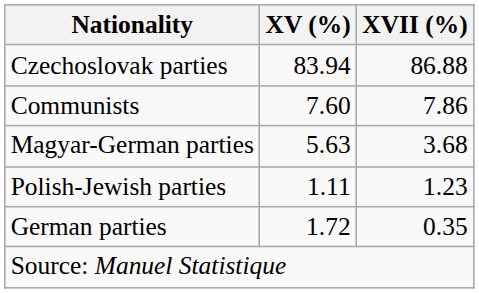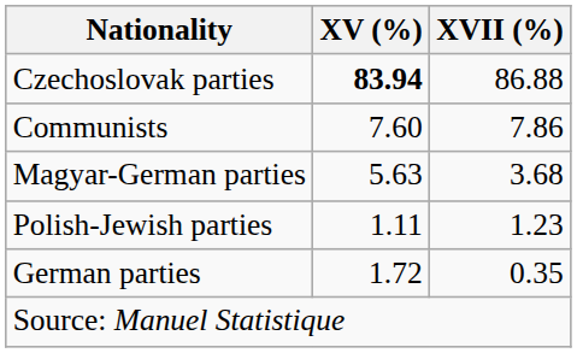 <table class=wikitable style=text-align:right>
 <tr>
 <th>Nationality</th>
 <th>XV (%)</th>
 <th>XVII (%)</th>
 </tr>
 <tr>
 <td align=left>Czechoslovak parties</td>
-<td>83.94</td>
+<td><strong>83.94</strong></td>
 <td>86.88</td>
 </tr>
 <tr>
 <td align=left>Communists</td>
 <td>7.60</td>
 <td>7.86</td>
 </tr>
 <tr>
 <td align=left>Magyar-German parties</td>
 <td>5.63</td>
 <td>3.68</td>
 </tr>
 <tr>
 <td align=left>Polish-Jewish parties</td>
 <td>1.11</td>
 <td>1.23</td>
 </tr>
 <tr>
 <td align=left>German parties</td>
 <td>1.72</td>
 <td>0.35</td>
 </tr>
 <tr>
 <td align=left colspan=3>Source: <em>Manuel Statistique</em></td>
 </tr>
 </table>
